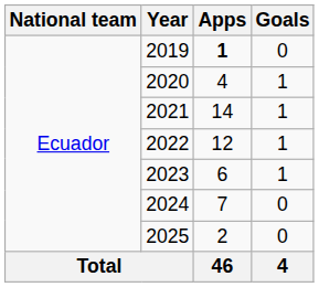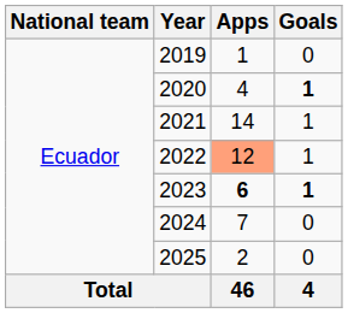 <table class="wikitable" style="text-align:center">
 <tr>
 <th>National team</th>
 <th>Year</th>
 <th>Apps</th>
 <th>Goals</th>
 </tr>
 <tr>
 <td rowspan=7><a href='#'>Ecuador</a></td>
 <td>2019</td>
-<td><strong>1</strong></td>
+<td>1</td>
 <td>0</td>
 </tr>
 <tr>
 <td>2020</td>
 <td>4</td>
-<td>1</td>
+<td><strong>1</strong></td>
 </tr>
 <tr>
 <td>2021</td>
 <td>14</td>
 <td>1</td>
 </tr>
 <tr>
 <td>2022</td>
-<td>12</td>
+<td style="background: lightsalmon;">12</td>
 <td>1</td>
 </tr>
 <tr>
 <td>2023</td>
-<td>6</td>
-<td>1</td>
+<td><strong>6</strong></td>
+<td><strong>1</strong></td>
 </tr>
 <tr>
 <td>2024</td>
 <td>7</td>
 <td>0</td>
 </tr>
 <tr>
 <td>2025</td>
 <td>2</td>
 <td>0</td>
 </tr>
 <tr>
 <th colspan=2>Total</th>
 <th>46</th>
 <th>4</th>
 </tr>
 </table>
